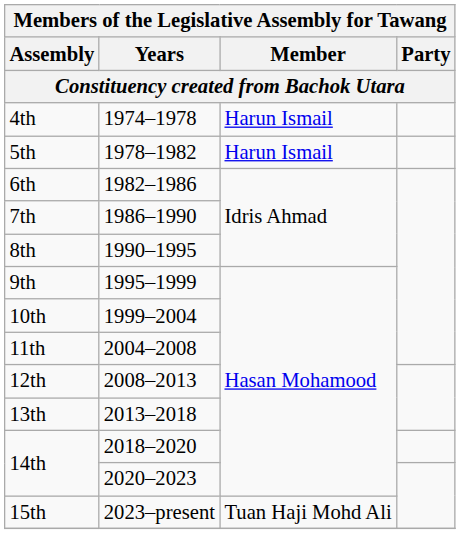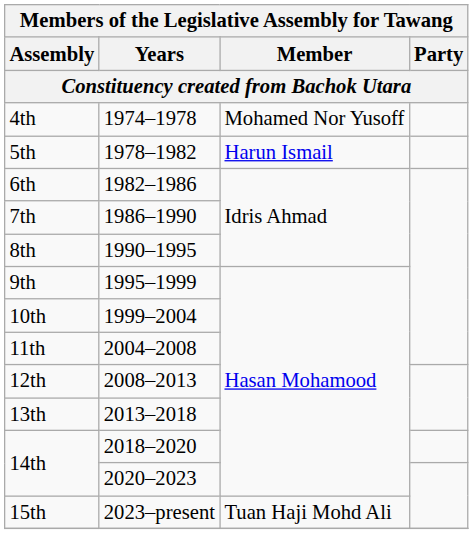 <table class="wikitable">
 <tr>
 <th colspan="4">Members of the Legislative Assembly for Tawang</th>
 </tr>
 <tr>
 <th>Assembly</th>
 <th>Years</th>
 <th>Member</th>
 <th>Party</th>
 </tr>
 <tr>
 <th colspan="4" align="center"><em>Constituency created from Bachok Utara</em></th>
 </tr>
 <tr>
 <td>4th</td>
 <td>1974–1978</td>
-<td><a href='#'>Harun Ismail</a></td>
+<td>Mohamed Nor Yusoff</td>
 <td></td>
 </tr>
 <tr>
 <td>5th</td>
 <td>1978–1982</td>
 <td><a href='#'>Harun Ismail</a></td>
 <td></td>
 </tr>
 <tr>
 <td>6th</td>
 <td>1982–1986</td>
 <td rowspan="3">Idris Ahmad</td>
 <td rowspan="6"></td>
 </tr>
 <tr>
 <td>7th</td>
 <td>1986–1990</td>
 </tr>
 <tr>
 <td>8th</td>
 <td>1990–1995</td>
 </tr>
 <tr>
 <td>9th</td>
 <td>1995–1999</td>
 <td rowspan="7"><a href='#'>Hasan Mohamood</a></td>
 </tr>
 <tr>
 <td>10th</td>
 <td>1999–2004</td>
 </tr>
 <tr>
 <td>11th</td>
 <td>2004–2008</td>
 </tr>
 <tr>
 <td>12th</td>
 <td>2008–2013</td>
 <td rowspan=2></td>
 </tr>
 <tr>
 <td>13th</td>
 <td>2013–2018</td>
 </tr>
 <tr>
 <td rowspan="2">14th</td>
 <td>2018–2020</td>
 <td></td>
 </tr>
 <tr>
 <td>2020–2023</td>
 <td rowspan="2"></td>
 </tr>
 <tr>
 <td>15th</td>
 <td>2023–present</td>
 <td>Tuan Haji Mohd Ali</td>
 </tr>
 <tr>
 </tr>
 </table>
